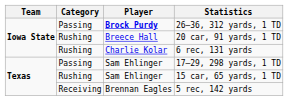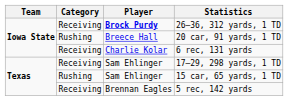 <table class="wikitable" style="float: right;">
 <tr>
 <th>Team</th>
 <th>Category</th>
 <th>Player</th>
 <th>Statistics</th>
 </tr>
 <tr>
 <td rowspan=3><strong>Iowa State</strong></td>
-<td>Passing</td>
+<td>Receiving</td>
 <td><strong><a href='#'>Brock Purdy</a></strong></td>
 <td>26–36, 312 yards, 1 TD</td>
 </tr>
 <tr>
 <td>Rushing</td>
 <td><a href='#'>Breece Hall</a></td>
 <td>20 car, 91 yards, 1 TD</td>
 </tr>
 <tr>
-<td>Rushing</td>
+<td>Receiving</td>
 <td><a href='#'>Charlie Kolar</a></td>
 <td>6 rec, 131 yards</td>
 </tr>
 <tr>
 <td rowspan=3><strong>Texas</strong></td>
-<td>Passing</td>
+<td>Receiving</td>
 <td>Sam Ehlinger</td>
 <td>17–29, 298 yards, 1 TD</td>
 </tr>
 <tr>
 <td>Rushing</td>
 <td>Sam Ehlinger</td>
 <td>15 car, 65 yards, 1 TD</td>
 </tr>
 <tr>
 <td>Receiving</td>
 <td>Brennan Eagles</td>
 <td>5 rec, 142 yards</td>
 </tr>
 </table>
